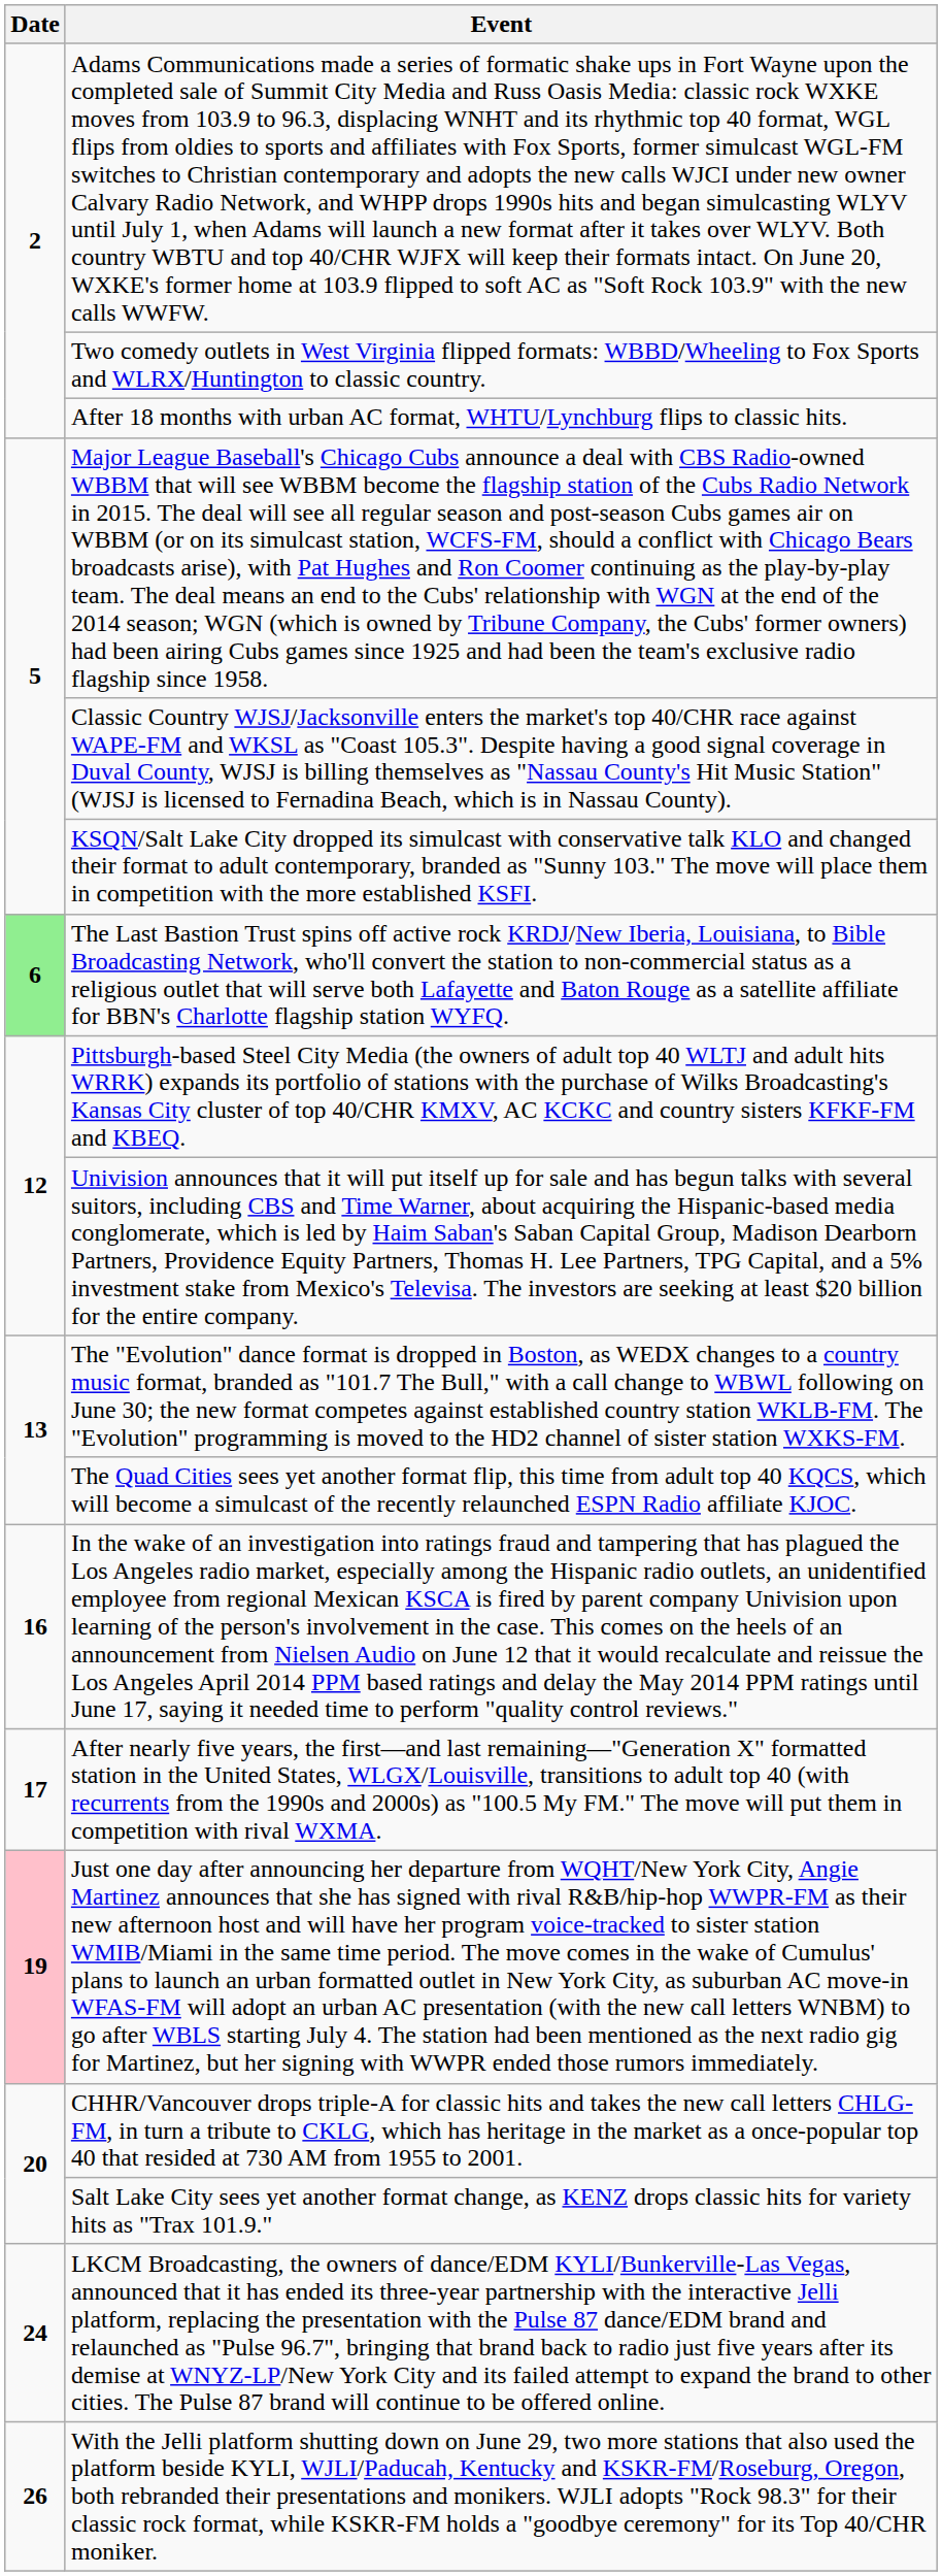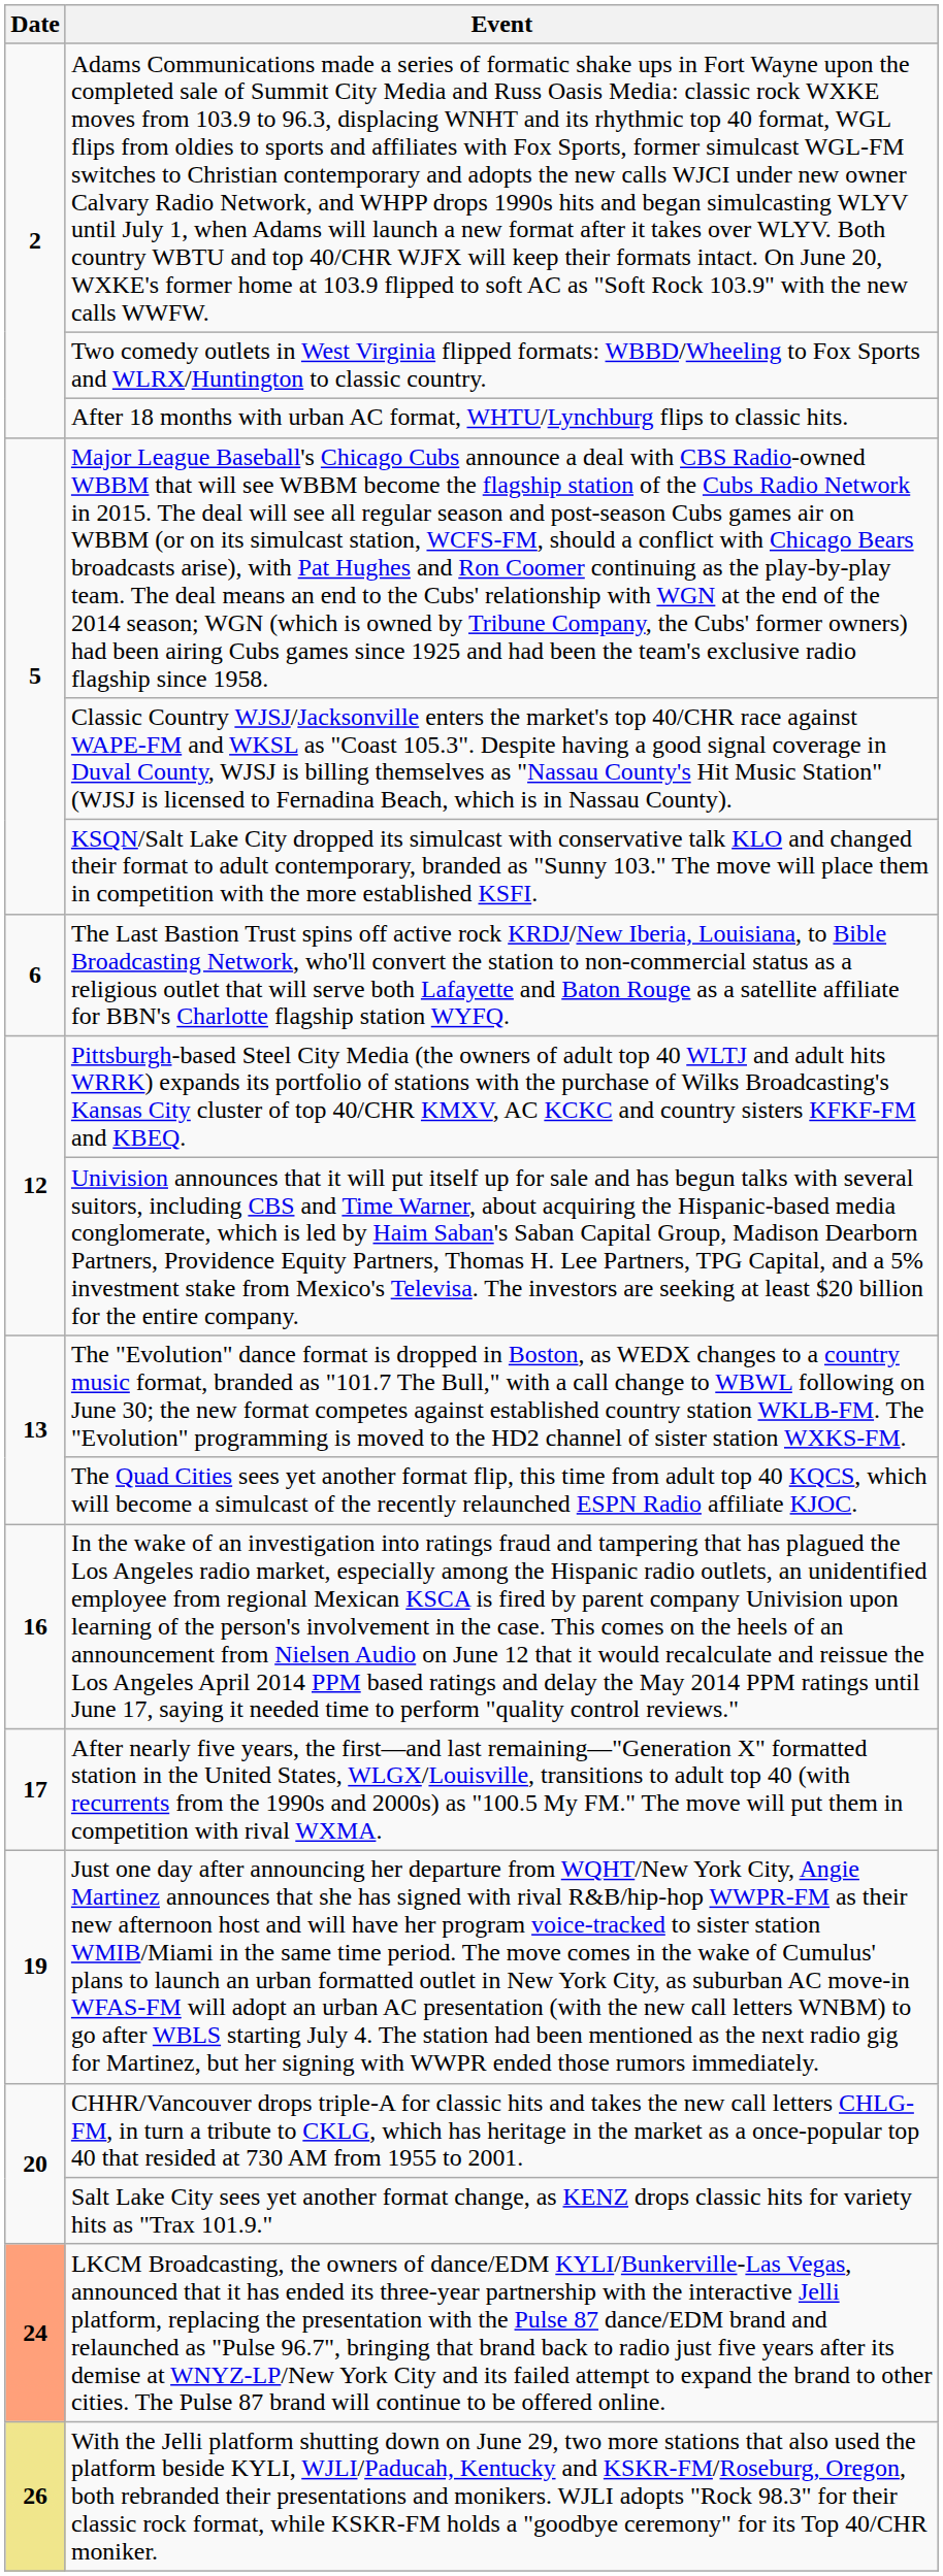 <table class="wikitable">
 <tr>
 <th>Date</th>
 <th>Event</th>
 </tr>
 <tr>
 <td style="text-align:center;" rowspan=3><strong>2</strong></td>
 <td>Adams Communications made a series of formatic shake ups in Fort Wayne upon the completed sale of Summit City Media and Russ Oasis Media: classic rock WXKE moves from 103.9 to 96.3, displacing WNHT and its rhythmic top 40 format, WGL flips from oldies to sports and affiliates with Fox Sports, former simulcast WGL-FM switches to Christian contemporary and adopts the new calls WJCI under new owner Calvary Radio Network, and WHPP drops 1990s hits and began simulcasting WLYV until July 1, when Adams will launch a new format after it takes over WLYV. Both country WBTU and top 40/CHR WJFX will keep their formats intact. On June 20, WXKE's former home at 103.9 flipped to soft AC as "Soft Rock 103.9" with the new calls WWFW.</td>
 </tr>
 <tr>
 <td>Two comedy outlets in <a href='#'>West Virginia</a> flipped formats: <a href='#'>WBBD</a>/<a href='#'>Wheeling</a> to Fox Sports and <a href='#'>WLRX</a>/<a href='#'>Huntington</a> to classic country.</td>
 </tr>
 <tr>
 <td>After 18 months with urban AC format, <a href='#'>WHTU</a>/<a href='#'>Lynchburg</a> flips to classic hits.</td>
 </tr>
 <tr>
 <td style="text-align:center;" rowspan=3><strong>5</strong></td>
 <td><a href='#'>Major League Baseball</a>'s <a href='#'>Chicago Cubs</a> announce a deal with <a href='#'>CBS Radio</a>-owned <a href='#'>WBBM</a> that will see WBBM become the <a href='#'>flagship station</a> of the <a href='#'>Cubs Radio Network</a> in 2015. The deal will see all regular season and post-season Cubs games air on WBBM (or on its simulcast station, <a href='#'>WCFS-FM</a>, should a conflict with <a href='#'>Chicago Bears</a> broadcasts arise), with <a href='#'>Pat Hughes</a> and <a href='#'>Ron Coomer</a> continuing as the play-by-play team. The deal means an end to the Cubs' relationship with <a href='#'>WGN</a> at the end of the 2014 season; WGN (which is owned by <a href='#'>Tribune Company</a>, the Cubs' former owners) had been airing Cubs games since 1925 and had been the team's exclusive radio flagship since 1958.</td>
 </tr>
 <tr>
 <td>Classic Country <a href='#'>WJSJ</a>/<a href='#'>Jacksonville</a> enters the market's top 40/CHR race against <a href='#'>WAPE-FM</a> and <a href='#'>WKSL</a> as "Coast 105.3". Despite having a good signal coverage in <a href='#'>Duval County</a>, WJSJ is billing themselves as "<a href='#'>Nassau County's</a> Hit Music Station" (WJSJ is licensed to Fernadina Beach, which is in Nassau County).</td>
 </tr>
 <tr>
 <td><a href='#'>KSQN</a>/Salt Lake City dropped its simulcast with conservative talk <a href='#'>KLO</a> and changed their format to adult contemporary, branded as "Sunny 103." The move will place them in competition with the more established <a href='#'>KSFI</a>.</td>
 </tr>
 <tr>
-<td style="background: lightgreen; text-align:center;"><strong>6</strong></td>
+<td style="text-align:center;"><strong>6</strong></td>
 <td>The Last Bastion Trust spins off active rock <a href='#'>KRDJ</a>/<a href='#'>New Iberia, Louisiana</a>, to <a href='#'>Bible Broadcasting Network</a>, who'll convert the station to non-commercial status as a religious outlet that will serve both <a href='#'>Lafayette</a> and <a href='#'>Baton Rouge</a> as a satellite affiliate for BBN's <a href='#'>Charlotte</a> flagship station <a href='#'>WYFQ</a>.</td>
 </tr>
 <tr>
 <td style="text-align:center;" rowspan=2><strong>12</strong></td>
 <td><a href='#'>Pittsburgh</a>-based Steel City Media (the owners of adult top 40 <a href='#'>WLTJ</a> and adult hits <a href='#'>WRRK</a>) expands its portfolio of stations with the purchase of Wilks Broadcasting's <a href='#'>Kansas City</a> cluster of top 40/CHR <a href='#'>KMXV</a>, AC <a href='#'>KCKC</a> and country sisters <a href='#'>KFKF-FM</a> and <a href='#'>KBEQ</a>.</td>
 </tr>
 <tr>
 <td><a href='#'>Univision</a> announces that it will put itself up for sale and has begun talks with several suitors, including <a href='#'>CBS</a> and <a href='#'>Time Warner</a>, about acquiring the Hispanic-based media conglomerate, which is led by <a href='#'>Haim Saban</a>'s Saban Capital Group, Madison Dearborn Partners, Providence Equity Partners, Thomas H. Lee Partners, TPG Capital, and a 5% investment stake from Mexico's <a href='#'>Televisa</a>. The investors are seeking at least $20 billion for the entire company.</td>
 </tr>
 <tr>
 <td style="text-align:center;" rowspan=2><strong>13</strong></td>
 <td>The "Evolution" dance format is dropped in <a href='#'>Boston</a>, as WEDX changes to a <a href='#'>country music</a> format, branded as "101.7 The Bull," with a call change to <a href='#'>WBWL</a> following on June 30; the new format competes against established country station <a href='#'>WKLB-FM</a>. The "Evolution" programming is moved to the HD2 channel of sister station <a href='#'>WXKS-FM</a>.</td>
 </tr>
 <tr>
 <td>The <a href='#'>Quad Cities</a> sees yet another format flip, this time from adult top 40 <a href='#'>KQCS</a>, which will become a simulcast of the recently relaunched <a href='#'>ESPN Radio</a> affiliate <a href='#'>KJOC</a>.</td>
 </tr>
 <tr>
 <td style="text-align:center;"><strong>16</strong></td>
 <td>In the wake of an investigation into ratings fraud and tampering that has plagued the Los Angeles radio market, especially among the Hispanic radio outlets, an unidentified employee from regional Mexican <a href='#'>KSCA</a> is fired by parent company Univision upon learning of the person's involvement in the case. This comes on the heels of an announcement from <a href='#'>Nielsen Audio</a> on June 12 that it would recalculate and reissue the Los Angeles April 2014 <a href='#'>PPM</a> based ratings and delay the May 2014 PPM ratings until June 17, saying it needed time to perform "quality control reviews."</td>
 </tr>
 <tr>
 <td style="text-align:center;"><strong>17</strong></td>
 <td>After nearly five years, the first—and last remaining—"Generation X" formatted station in the United States, <a href='#'>WLGX</a>/<a href='#'>Louisville</a>, transitions to adult top 40 (with <a href='#'>recurrents</a> from the 1990s and 2000s) as "100.5 My FM." The move will put them in competition with rival <a href='#'>WXMA</a>.</td>
 </tr>
 <tr>
-<td style="background: pink; text-align:center;"><strong>19</strong></td>
+<td style="text-align:center;"><strong>19</strong></td>
 <td>Just one day after announcing her departure from <a href='#'>WQHT</a>/New York City, <a href='#'>Angie Martinez</a> announces that she has signed with rival R&B/hip-hop <a href='#'>WWPR-FM</a> as their new afternoon host and will have her program <a href='#'>voice-tracked</a> to sister station <a href='#'>WMIB</a>/Miami in the same time period. The move comes in the wake of Cumulus' plans to launch an urban formatted outlet in New York City, as suburban AC move-in <a href='#'>WFAS-FM</a> will adopt an urban AC presentation (with the new call letters WNBM) to go after <a href='#'>WBLS</a> starting July 4. The station had been mentioned as the next radio gig for Martinez, but her signing with WWPR ended those rumors immediately.</td>
 </tr>
 <tr>
 <td style="text-align:center;" rowspan=2><strong>20</strong></td>
 <td>CHHR/Vancouver drops triple-A for classic hits and takes the new call letters <a href='#'>CHLG-FM</a>, in turn a tribute to <a href='#'>CKLG</a>, which has heritage in the market as a once-popular top 40 that resided at 730 AM from 1955 to 2001.</td>
 </tr>
 <tr>
 <td>Salt Lake City sees yet another format change, as <a href='#'>KENZ</a> drops classic hits for variety hits as "Trax 101.9."</td>
 </tr>
 <tr>
-<td style="text-align:center;"><strong>24</strong></td>
+<td style="background: lightsalmon; text-align:center;"><strong>24</strong></td>
 <td>LKCM Broadcasting, the owners of dance/EDM <a href='#'>KYLI</a>/<a href='#'>Bunkerville</a>-<a href='#'>Las Vegas</a>, announced that it has ended its three-year partnership with the interactive <a href='#'>Jelli</a> platform, replacing the presentation with the <a href='#'>Pulse 87</a> dance/EDM brand and relaunched as "Pulse 96.7", bringing that brand back to radio just five years after its demise at <a href='#'>WNYZ-LP</a>/New York City and its failed attempt to expand the brand to other cities. The Pulse 87 brand will continue to be offered online.</td>
 </tr>
 <tr>
-<td style="text-align:center;"><strong>26</strong></td>
+<td style="background: khaki; text-align:center;"><strong>26</strong></td>
 <td>With the Jelli platform shutting down on June 29, two more stations that also used the platform beside KYLI, <a href='#'>WJLI</a>/<a href='#'>Paducah, Kentucky</a> and <a href='#'>KSKR-FM</a>/<a href='#'>Roseburg, Oregon</a>, both rebranded their presentations and monikers. WJLI adopts "Rock 98.3" for their classic rock format, while KSKR-FM holds a "goodbye ceremony" for its Top 40/CHR moniker.</td>
 </tr>
 </table>
